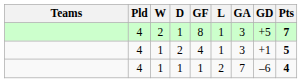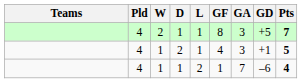 <table class="wikitable" style="text-align: center;">
 <tr>
 <th width=165>Teams</th>
 <th width=20>Pld</th>
 <th width=20>W</th>
 <th width=20>D</th>
+<th width=20>L</th>
 <th width=20>GF</th>
-<th width=20>L</th>
 <th width=20>GA</th>
 <th width=20>GD</th>
 <th width=20>Pts</th>
 </tr>
 <tr align=center style="background:#ccffcc;">
 <td style="text-align:left;"></td>
 <td>4</td>
 <td>2</td>
 <td>1</td>
+<td>1</td>
 <td>8</td>
-<td>1</td>
 <td>3</td>
 <td>+5</td>
 <td><strong>7</strong></td>
 </tr>
 <tr align=center>
 <td style="text-align:left;"></td>
 <td>4</td>
 <td>1</td>
 <td>2</td>
+<td>1</td>
 <td>4</td>
-<td>1</td>
 <td>3</td>
 <td>+1</td>
 <td><strong>5</strong></td>
 </tr>
 <tr align=center>
 <td style="text-align:left;"></td>
 <td>4</td>
 <td>1</td>
 <td>1</td>
+<td>2</td>
 <td>1</td>
-<td>2</td>
 <td>7</td>
 <td>–6</td>
 <td><strong>4</strong></td>
 </tr>
 </table>
